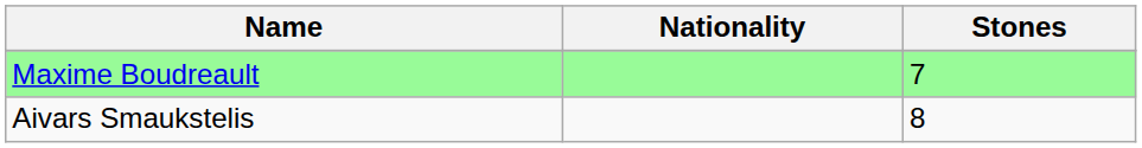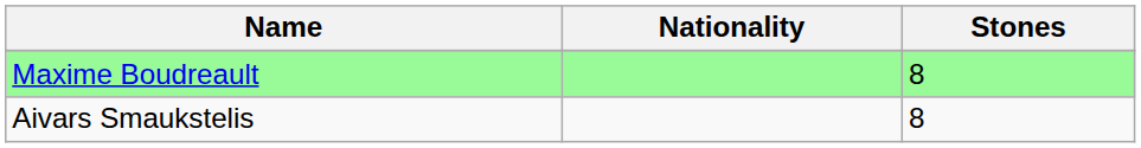 <table class="wikitable" style="display: inline-table; width: 50%;">
 <tr>
 <th>Name</th>
 <th>Nationality</th>
 <th>Stones</th>
 </tr>
 <tr>
 </tr>
 <tr style="background:palegreen">
 <td><a href='#'>Maxime Boudreault</a></td>
 <td></td>
-<td>7</td>
+<td>8</td>
 </tr>
 <tr>
 <td>Aivars Smaukstelis</td>
 <td></td>
 <td>8</td>
 </tr>
 </table>
